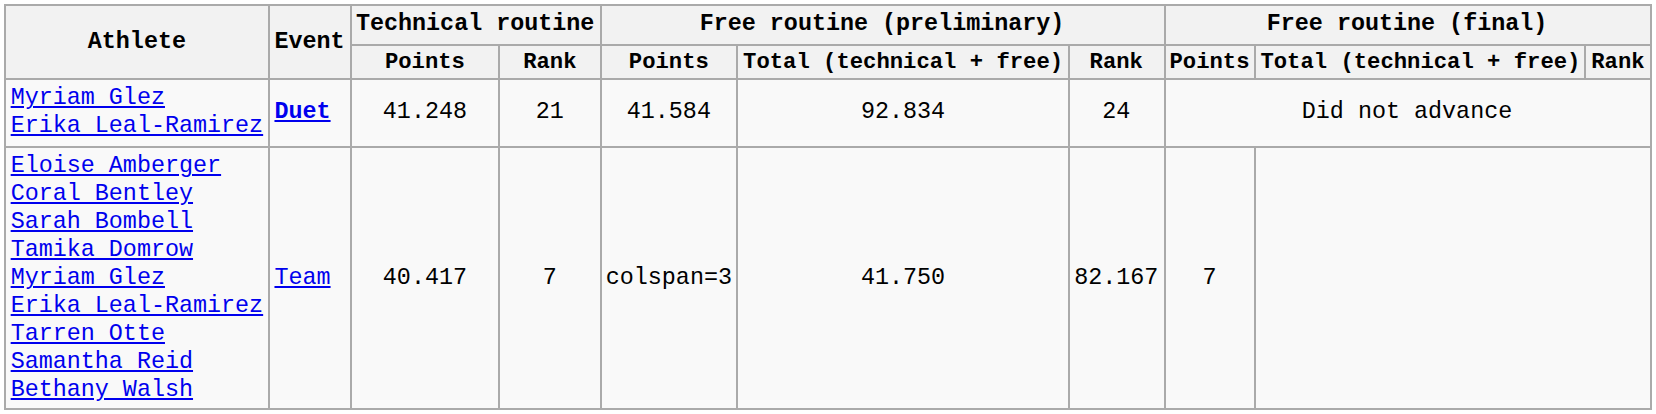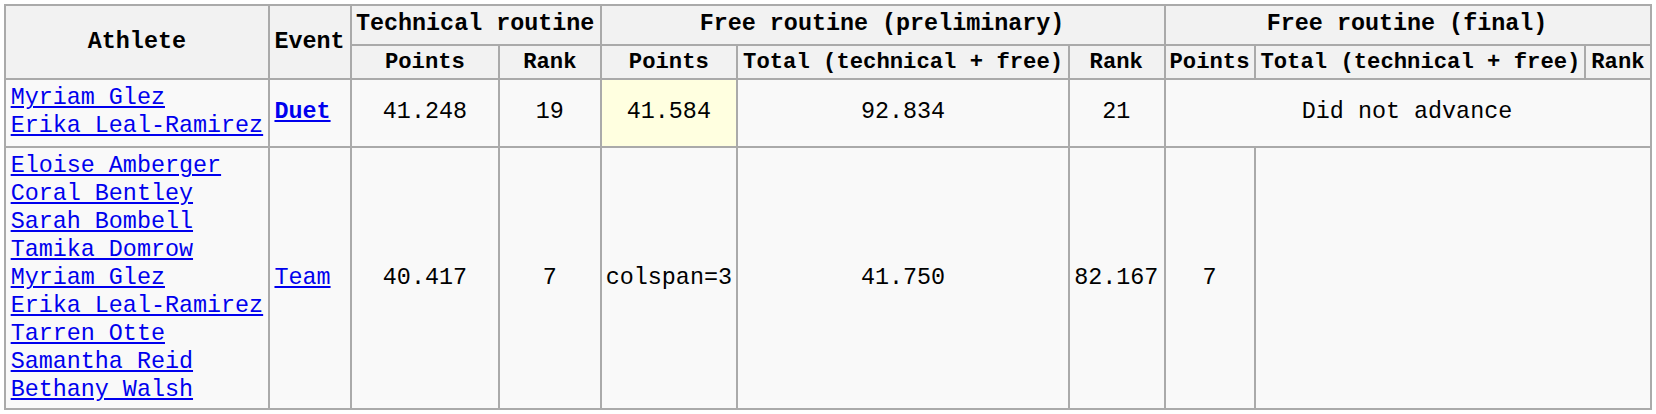 <table class="wikitable" style="font-size:90%">
 <tr>
 <th rowspan="2">Athlete</th>
 <th rowspan="2">Event</th>
 <th colspan=2>Technical routine</th>
 <th colspan=3>Free routine (preliminary)</th>
 <th colspan=3>Free routine (final)</th>
 </tr>
 <tr style="font-size:95%">
 <th>Points</th>
 <th>Rank</th>
 <th>Points</th>
 <th>Total (technical + free)</th>
 <th>Rank</th>
 <th>Points</th>
 <th>Total (technical + free)</th>
 <th>Rank</th>
 </tr>
 <tr align=center>
 <td align=left><a href='#'>Myriam Glez</a><br><a href='#'>Erika Leal-Ramirez</a></td>
 <td align=left><strong><a href='#'>Duet</a></strong></td>
 <td>41.248</td>
+<td>19</td>
+<td style="background: lightyellow;">41.584</td>
+<td>92.834</td>
 <td>21</td>
-<td>41.584</td>
-<td>92.834</td>
-<td>24</td>
 <td colspan=3>Did not advance</td>
 </tr>
 <tr align=center>
 <td align=left><a href='#'>Eloise Amberger</a><br><a href='#'>Coral Bentley</a><br><a href='#'>Sarah Bombell</a><br><a href='#'>Tamika Domrow</a><br><a href='#'>Myriam Glez</a><br><a href='#'>Erika Leal-Ramirez</a><br><a href='#'>Tarren Otte</a><br><a href='#'>Samantha Reid</a><br><a href='#'>Bethany Walsh</a></td>
 <td align=left><a href='#'>Team</a></td>
 <td>40.417</td>
 <td>7</td>
 <td>colspan=3 </td>
 <td>41.750</td>
 <td>82.167</td>
 <td>7</td>
 </tr>
 </table>
